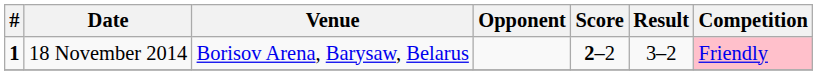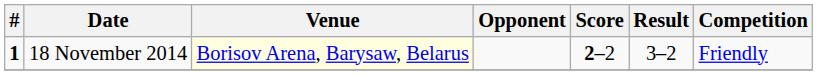 <table class="wikitable" border="1">
 <tr>
 <th>#</th>
 <th>Date</th>
 <th>Venue</th>
 <th>Opponent</th>
 <th>Score</th>
 <th>Result</th>
 <th>Competition</th>
 </tr>
 <tr>
 <td><strong>1</strong></td>
 <td>18 November 2014</td>
-<td><a href='#'>Borisov Arena</a>, <a href='#'>Barysaw</a>, <a href='#'>Belarus</a></td>
+<td style="background: lightyellow;"><a href='#'>Borisov Arena</a>, <a href='#'>Barysaw</a>, <a href='#'>Belarus</a></td>
 <td></td>
 <td align=center><strong>2</strong>–2</td>
 <td align=center>3–2</td>
-<td style="background: pink;"><a href='#'>Friendly</a></td>
+<td><a href='#'>Friendly</a></td>
 </tr>
 <tr>
 </tr>
 </table>
